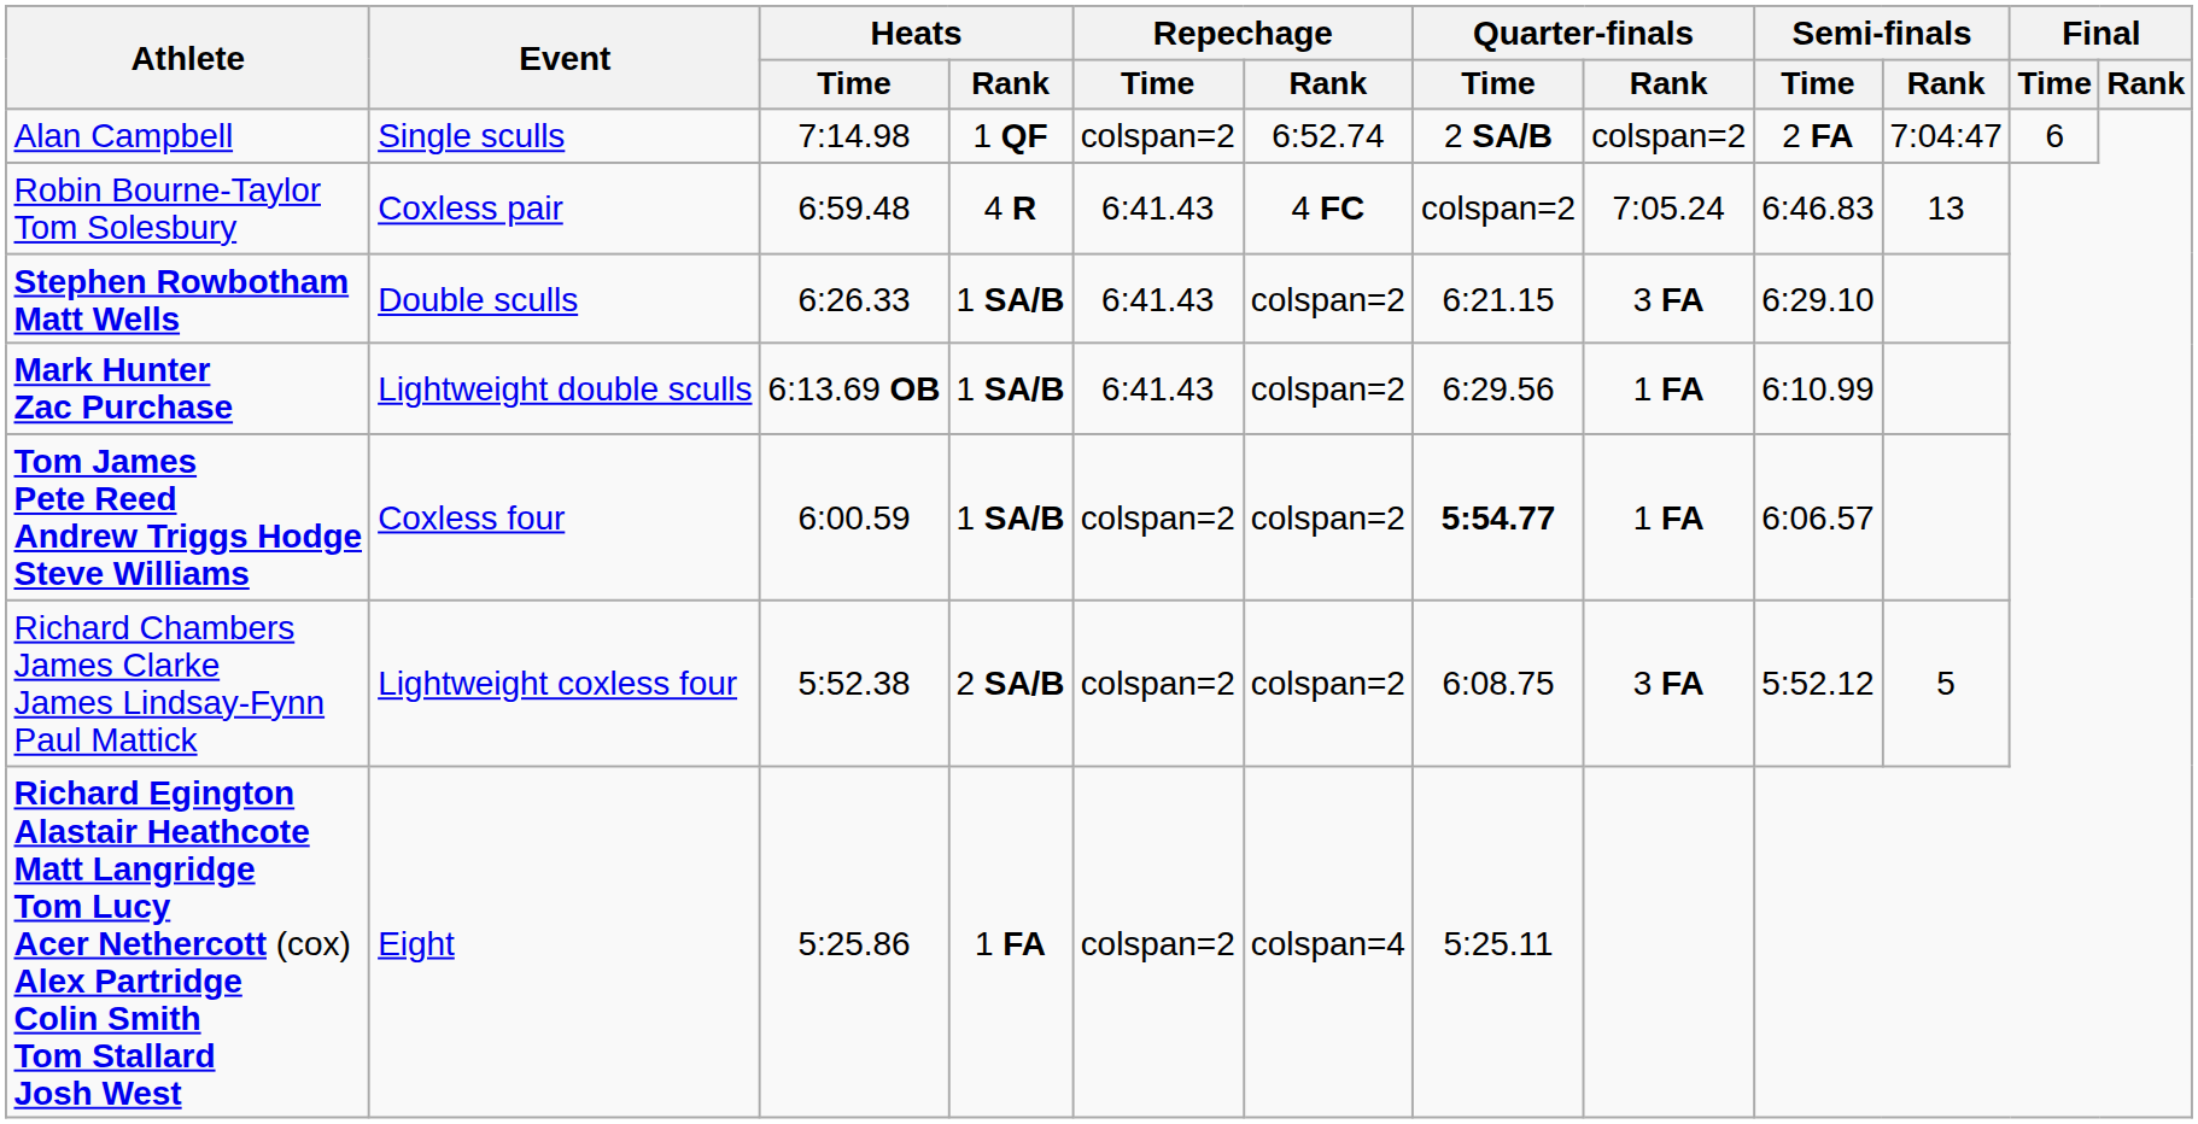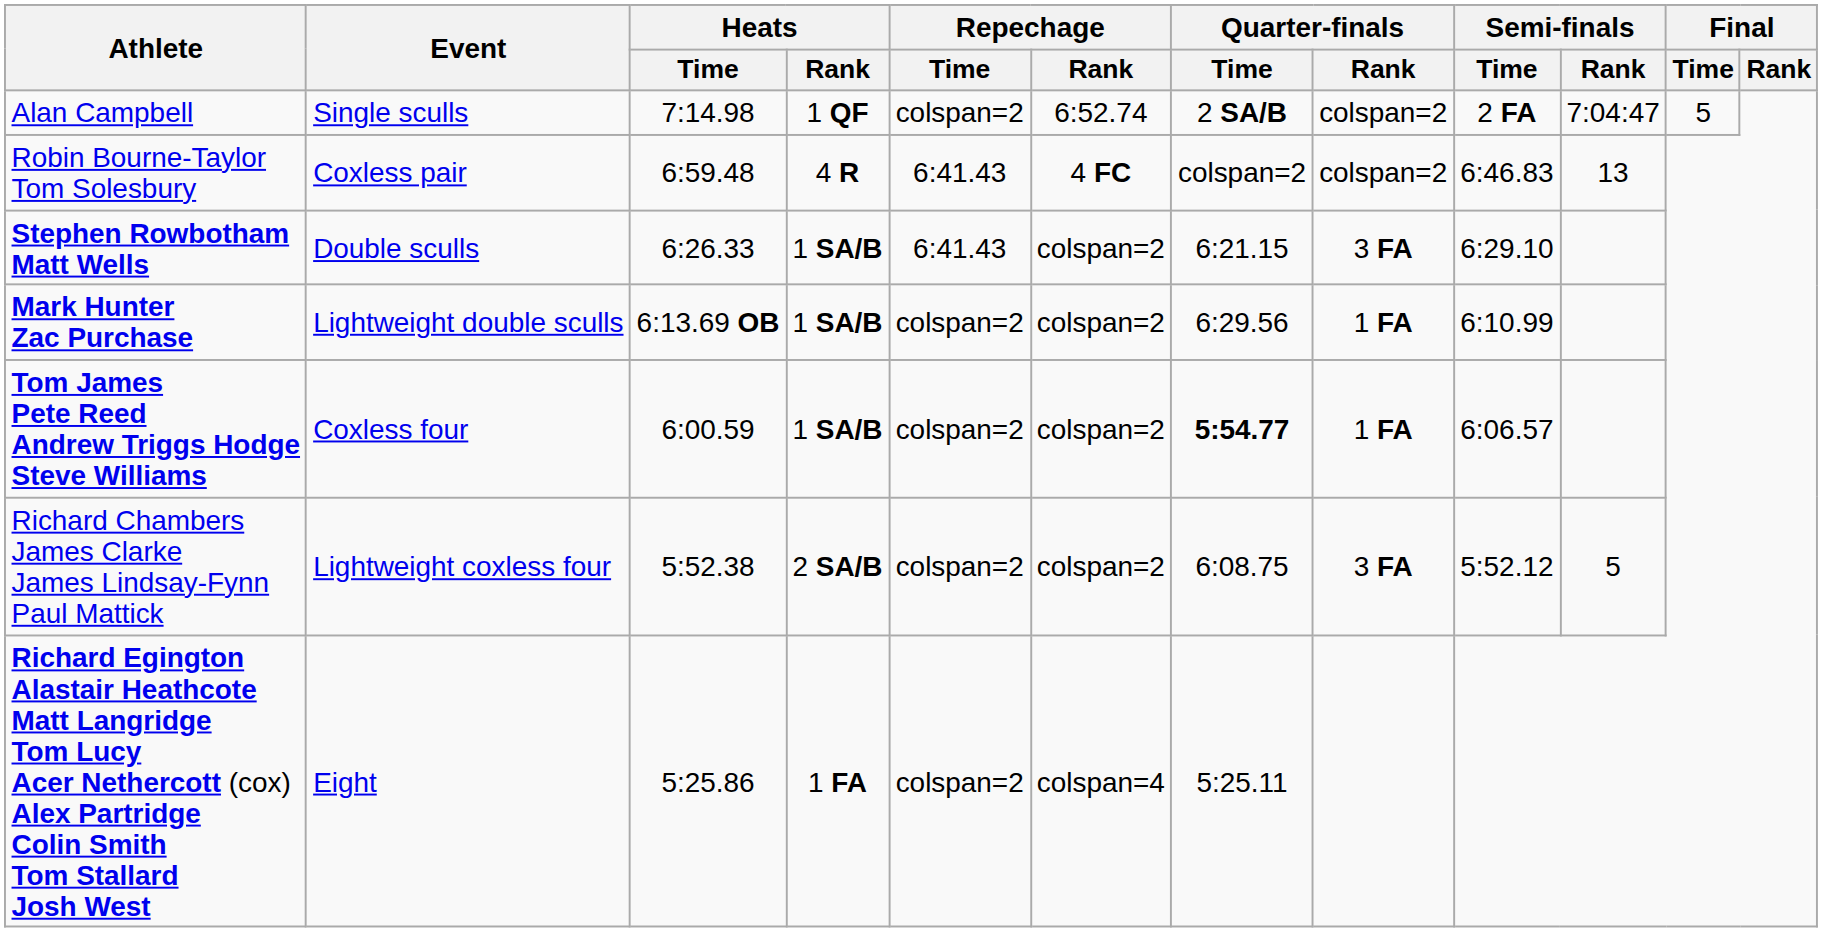 <table class="wikitable" style="font-size:90%">
 <tr>
 <th rowspan="2">Athlete</th>
 <th rowspan="2">Event</th>
 <th colspan="2">Heats</th>
 <th colspan="2">Repechage</th>
 <th colspan="2">Quarter-finals</th>
 <th colspan="2">Semi-finals</th>
 <th colspan="2">Final</th>
 </tr>
 <tr style="font-size:95%">
 <th>Time</th>
 <th>Rank</th>
 <th>Time</th>
 <th>Rank</th>
 <th>Time</th>
 <th>Rank</th>
 <th>Time</th>
 <th>Rank</th>
 <th>Time</th>
 <th>Rank</th>
 </tr>
 <tr align=center>
 <td align=left><a href='#'>Alan Campbell</a></td>
 <td align=left><a href='#'>Single sculls</a></td>
 <td>7:14.98</td>
 <td>1 <strong>QF</strong></td>
 <td>colspan=2 </td>
 <td>6:52.74</td>
 <td>2 <strong>SA/B</strong></td>
 <td>colspan=2 </td>
 <td>2 <strong>FA</strong></td>
 <td>7:04:47</td>
-<td>6</td>
+<td>5</td>
 </tr>
 <tr align=center>
 <td align=left><a href='#'>Robin Bourne-Taylor</a><br> <a href='#'>Tom Solesbury</a></td>
 <td align=left><a href='#'>Coxless pair</a></td>
 <td>6:59.48</td>
 <td>4 <strong>R</strong></td>
 <td>6:41.43</td>
 <td>4 <strong>FC</strong></td>
 <td>colspan=2 </td>
-<td>7:05.24</td>
+<td>colspan=2 </td>
 <td>6:46.83</td>
 <td>13</td>
 </tr>
 <tr align=center>
 <td align=left><strong><a href='#'>Stephen Rowbotham</a><br> <a href='#'>Matt Wells</a></strong></td>
 <td align=left><a href='#'>Double sculls</a></td>
 <td>6:26.33</td>
 <td>1 <strong>SA/B</strong></td>
 <td>6:41.43</td>
 <td>colspan=2 </td>
 <td>6:21.15</td>
 <td>3 <strong>FA</strong></td>
 <td>6:29.10</td>
 <td></td>
 </tr>
 <tr align=center>
 <td align=left><strong><a href='#'>Mark Hunter</a><br> <a href='#'>Zac Purchase</a></strong></td>
 <td align=left><a href='#'>Lightweight double sculls</a></td>
 <td>6:13.69 <strong>OB</strong></td>
 <td>1 <strong>SA/B</strong></td>
-<td>6:41.43</td>
+<td>colspan=2 </td>
 <td>colspan=2 </td>
 <td>6:29.56</td>
 <td>1 <strong>FA</strong></td>
 <td>6:10.99</td>
 <td></td>
 </tr>
 <tr align=center>
 <td align=left><strong><a href='#'>Tom James</a><br> <a href='#'>Pete Reed</a><br> <a href='#'>Andrew Triggs Hodge</a><br> <a href='#'>Steve Williams</a></strong></td>
 <td align=left><a href='#'>Coxless four</a></td>
 <td>6:00.59</td>
 <td>1 <strong>SA/B</strong></td>
 <td>colspan=2 </td>
 <td>colspan=2 </td>
 <td><strong>5:54.77</strong></td>
 <td>1 <strong>FA</strong></td>
 <td>6:06.57</td>
 <td></td>
 </tr>
 <tr align=center>
 <td align=left><a href='#'>Richard Chambers</a><br> <a href='#'>James Clarke</a><br> <a href='#'>James Lindsay-Fynn</a><br> <a href='#'>Paul Mattick</a></td>
 <td align=left><a href='#'>Lightweight coxless four</a></td>
 <td>5:52.38</td>
 <td>2 <strong>SA/B</strong></td>
 <td>colspan=2 </td>
 <td>colspan=2 </td>
 <td>6:08.75</td>
 <td>3 <strong>FA</strong></td>
 <td>5:52.12</td>
 <td>5</td>
 </tr>
 <tr align=center>
 <td align=left><strong><a href='#'>Richard Egington</a><br> <a href='#'>Alastair Heathcote</a><br> <a href='#'>Matt Langridge</a><br> <a href='#'>Tom Lucy</a><br> <a href='#'>Acer Nethercott</a></strong> (cox)<br> <strong><a href='#'>Alex Partridge</a><br> <a href='#'>Colin Smith</a><br> <a href='#'>Tom Stallard</a><br> <a href='#'>Josh West</a></strong></td>
 <td align=left><a href='#'>Eight</a></td>
 <td>5:25.86</td>
 <td>1 <strong>FA</strong></td>
 <td>colspan=2 </td>
 <td>colspan=4 </td>
 <td>5:25.11</td>
 <td></td>
 </tr>
 </table>
